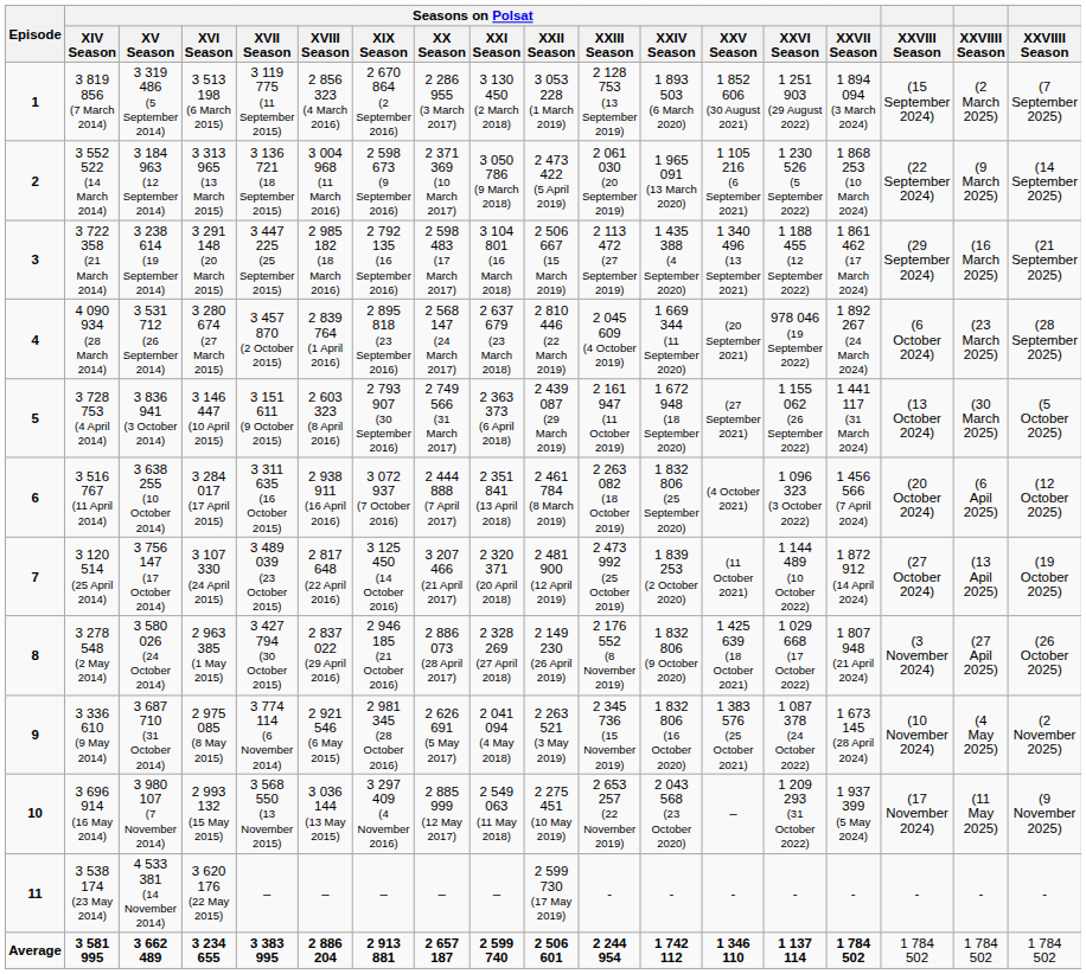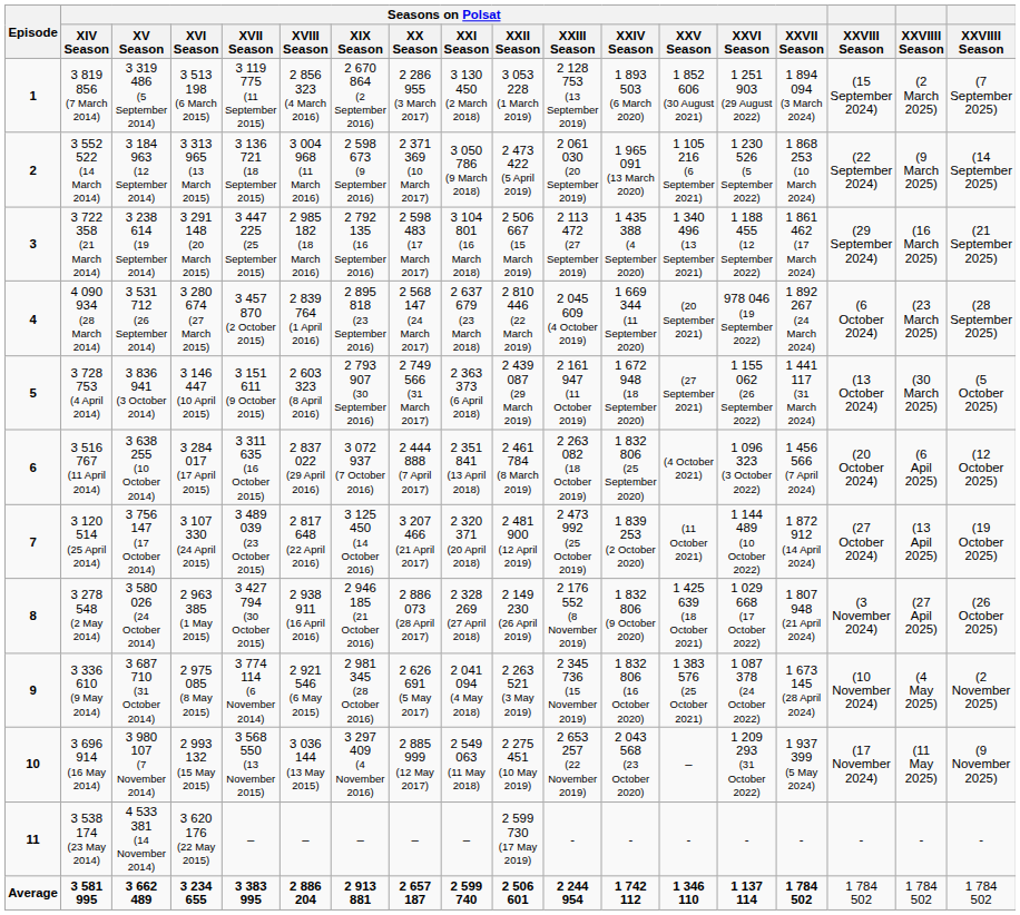 <table class="wikitable" style="font-size:70%; text-align:center">
 <tr>
 <th rowspan="2">Episode</th>
 <th colspan="14">Seasons on <a href='#'>Polsat</a></th>
 <th></th>
 <th></th>
 <th></th>
 </tr>
 <tr>
 <th>XIV Season</th>
 <th>XV Season</th>
 <th>XVI Season</th>
 <th>XVII Season</th>
 <th>XVIII Season</th>
 <th>XIX Season</th>
 <th>XX Season</th>
 <th>XXI Season</th>
 <th>XXII Season</th>
 <th>XXIII Season</th>
 <th>XXIV Season</th>
 <th>XXV Season</th>
 <th>XXVI Season</th>
 <th>XXVII Season</th>
 <th>XXVIII<br>Season</th>
 <th>XXVIIII<br>Season</th>
 <th>XXVIIII<br>Season</th>
 </tr>
 <tr>
 <td><strong>1</strong></td>
 <td>3 819 856<br><small>(7 March 2014)</small></td>
 <td>3 319 486<br><small>(5 September 2014)</small></td>
 <td>3 513 198<br><small>(6 March 2015)</small></td>
 <td>3 119 775<br><small>(11 September 2015)</small></td>
 <td>2 856 323<br><small>(4 March 2016)</small></td>
 <td>2 670 864<br><small>(2 September 2016)</small></td>
 <td>2 286 955<br><small>(3 March 2017)</small></td>
 <td>3 130 450<br><small>(2 March 2018)</small></td>
 <td>3 053 228<br><small>(1 March 2019)</small></td>
 <td>2 128 753<br><small>(13 September 2019)</small></td>
 <td>1 893 503<br><small>(6 March 2020)</small></td>
 <td>1 852 606<br> <small>(30 August 2021)</small></td>
 <td>1 251 903<br> <small>(29 August 2022)</small></td>
 <td>1 894 094<br><small>(3 March 2024)</small></td>
 <td>(15<br>September 2024)</td>
 <td>(2<br>March  2025)</td>
 <td>(7<br>September 2025)</td>
 </tr>
 <tr>
 <td><strong>2</strong></td>
 <td>3 552 522<br><small>(14 March 2014)</small></td>
 <td>3 184 963<br><small>(12 September 2014)</small></td>
 <td>3 313 965<br><small>(13 March 2015)</small></td>
 <td>3 136 721<br><small>(18 September 2015)</small></td>
 <td>3 004 968<br><small>(11 March 2016)</small></td>
 <td>2 598 673<br><small>(9 September 2016)</small></td>
 <td>2 371 369<br><small>(10 March 2017)</small></td>
 <td>3 050 786<br><small>(9 March 2018)</small></td>
 <td>2 473 422<br><small>(5 April 2019)</small></td>
 <td>2 061 030<br><small>(20 September 2019)</small></td>
 <td>1 965 091<br><small>(13 March 2020)</small></td>
 <td>1 105 216<br> <small>(6 September 2021)</small></td>
 <td>1 230 526<br> <small>(5 September 2022)</small></td>
 <td>1 868 253<br> <small>(10  March 2024)</small></td>
 <td>(22<br>September  2024)</td>
 <td>(9<br>March  2025)</td>
 <td>(14<br>September 2025)</td>
 </tr>
 <tr>
 <td><strong>3</strong></td>
 <td>3 722 358<br><small>(21 March 2014)</small></td>
 <td>3 238 614<br><small>(19 September 2014)</small></td>
 <td>3 291 148<br><small>(20 March 2015)</small></td>
 <td>3 447 225<br><small>(25 September 2015)</small></td>
 <td>2 985 182<br><small>(18 March 2016)</small></td>
 <td>2 792 135<br><small>(16 September 2016)</small></td>
 <td>2 598 483<br><small>(17 March 2017)</small></td>
 <td>3 104 801<br><small>(16 March 2018)</small></td>
 <td>2 506 667<br><small>(15 March 2019)</small></td>
 <td>2 113 472<br><small>(27 September 2019)</small></td>
 <td>1 435 388<br><small>(4 September 2020)</small></td>
 <td>1 340 496<br><small>(13 September 2021)</small></td>
 <td>1 188 455<br> <small>(12 September 2022)</small></td>
 <td>1 861 462<br> <small>(17 March 2024)</small></td>
 <td>(29<br>September  2024)</td>
 <td>(16<br>March  2025)</td>
 <td>(21<br>September 2025)</td>
 </tr>
 <tr>
 <td><strong>4</strong></td>
 <td>4 090 934<br><small>(28 March 2014)</small></td>
 <td>3 531 712<br><small>(26 September 2014)</small></td>
 <td>3 280 674<br><small>(27 March 2015)</small></td>
 <td>3 457 870<br><small>(2 October 2015)</small></td>
 <td>2 839 764<br><small>(1 April 2016)</small></td>
 <td>2 895 818<br><small>(23 September 2016)</small></td>
 <td>2 568 147<br><small>(24 March 2017)</small></td>
 <td>2 637 679<br><small>(23 March 2018)</small></td>
 <td>2 810 446<br><small>(22 March 2019)</small></td>
 <td>2 045 609<br><small>(4 October 2019)</small></td>
 <td>1 669 344<br><small>(11 September 2020)</small></td>
 <td><small>(20 September 2021)</small></td>
 <td>978 046<br><small>(19 September 2022)</small></td>
 <td>1 892 267<br><small>(24 March 2024)</small></td>
 <td>(6<br>October  2024)</td>
 <td>(23<br>March  2025)</td>
 <td>(28<br>September 2025)</td>
 </tr>
 <tr>
 <td><strong>5</strong></td>
 <td>3 728 753<br><small>(4 April 2014)</small></td>
 <td>3 836 941<br><small>(3 October 2014)</small></td>
 <td>3 146 447<br><small>(10 April 2015)</small></td>
 <td>3 151 611<br><small>(9 October 2015)</small></td>
 <td>2 603 323<br><small>(8 April 2016)</small></td>
 <td>2 793 907<br><small>(30 September 2016)</small></td>
 <td>2 749 566<br><small>(31 March 2017)</small></td>
 <td>2 363 373<br><small>(6 April 2018)</small></td>
 <td>2 439 087<br><small>(29 March 2019)</small></td>
 <td>2 161 947<br><small>(11 October 2019)</small></td>
 <td>1 672 948<br><small>(18 September 2020)</small></td>
 <td><small>(27 September 2021)</small></td>
 <td>1 155 062<br><small>(26 September 2022)</small></td>
 <td>1 441 117<br><small>(31 March 2024)</small></td>
 <td>(13<br>October  2024)</td>
 <td>(30<br>March  2025)</td>
 <td>(5<br>October  2025)</td>
 </tr>
 <tr>
 <td><strong>6</strong></td>
 <td>3 516 767<br><small>(11 April 2014)</small></td>
 <td>3 638 255<br><small>(10 October 2014)</small></td>
 <td>3 284 017<br><small>(17 April 2015)</small></td>
 <td>3 311 635<br><small>(16 October 2015)</small></td>
-<td>2 938 911<br><small>(16 April 2016)</small></td>
+<td>2 837 022<br><small>(29 April 2016)</small></td>
 <td>3 072 937<br><small>(7 October 2016)</small></td>
 <td>2 444 888<br><small>(7 April 2017)</small></td>
 <td>2 351 841<br><small>(13 April 2018)</small></td>
 <td>2 461 784<br><small>(8 March 2019)</small></td>
 <td>2 263 082<br><small>(18 October 2019)</small></td>
 <td>1 832 806<br><small>(25 September 2020)</small></td>
 <td><small>(4 October 2021)</small></td>
 <td>1 096 323<br><small>(3 October 2022)</small></td>
 <td>1 456 566<br><small>(7 April 2024)</small></td>
 <td>(20<br>October  2024)</td>
 <td>(6<br>Apil  2025)</td>
 <td>(12<br>October  2025)</td>
 </tr>
 <tr>
 <td><strong>7</strong></td>
 <td>3 120 514<br><small>(25 April 2014)</small></td>
 <td>3 756 147<br><small>(17 October 2014)</small></td>
 <td>3 107 330<br><small>(24 April 2015)</small></td>
 <td>3 489 039<br><small>(23 October 2015)</small></td>
 <td>2 817 648<br><small>(22 April 2016)</small></td>
 <td>3 125 450<br><small>(14 October 2016)</small></td>
 <td>3 207 466<br><small>(21 April 2017)</small></td>
 <td>2 320 371<br><small>(20 April 2018)</small></td>
 <td>2 481 900<br><small>(12 April 2019)</small></td>
 <td>2 473 992<br><small>(25 October 2019)</small></td>
 <td>1 839 253<br><small>(2 October 2020)</small></td>
 <td><small>(11 October 2021)</small></td>
 <td>1 144 489<br><small>(10 October 2022)</small></td>
 <td>1 872 912<br><small>(14 April 2024)</small></td>
 <td>(27<br>October  2024)</td>
 <td>(13<br>Apil  2025)</td>
 <td>(19<br>October  2025)</td>
 </tr>
 <tr>
 <td><strong>8</strong></td>
 <td>3 278 548<br><small>(2 May 2014)</small></td>
 <td>3 580 026<br><small>(24 October 2014)</small></td>
 <td>2 963 385<br><small>(1 May 2015)</small></td>
 <td>3 427 794<br><small>(30 October 2015)</small></td>
-<td>2 837 022<br><small>(29 April 2016)</small></td>
+<td>2 938 911<br><small>(16 April 2016)</small></td>
 <td>2 946 185<br><small>(21 October 2016)</small></td>
 <td>2 886 073<br><small>(28 April 2017)</small></td>
 <td>2 328 269<br><small>(27 April 2018)</small></td>
 <td>2 149 230<br><small>(26 April 2019)</small></td>
 <td>2 176 552<br><small>(8 November 2019)</small></td>
 <td>1 832 806<br><small>(9 October 2020)</small></td>
 <td>1 425 639<br><small>(18 October 2021)</small></td>
 <td>1 029 668<br><small>(17 October 2022)</small></td>
 <td>1 807 948<br><small>(21 April 2024)</small></td>
 <td>(3<br>November 2024)</td>
 <td>(27<br>Apil  2025)</td>
 <td>(26<br>October  2025)</td>
 </tr>
 <tr>
 <td><strong>9</strong></td>
 <td>3 336 610<br><small>(9 May 2014)</small></td>
 <td>3 687 710<br><small>(31 October 2014)</small></td>
 <td>2 975 085<br><small>(8 May 2015)</small></td>
 <td>3 774 114<br><small>(6 November 2014)</small></td>
 <td>2 921 546<br><small>(6 May 2015)</small></td>
 <td>2 981 345<br><small>(28 October 2016)</small></td>
 <td>2 626 691<br><small>(5 May 2017)</small></td>
 <td>2 041 094<br><small>(4 May 2018)</small></td>
 <td>2 263 521<br><small>(3 May 2019)</small></td>
 <td>2 345 736<br><small>(15 November 2019)</small></td>
 <td>1 832 806<br><small>(16 October 2020)</small></td>
 <td>1 383 576<br><small>(25 October 2021)</small></td>
 <td>1 087 378<br><small>(24 October 2022)</small></td>
 <td>1 673 145<br><small>(28 April 2024)</small></td>
 <td>(10<br>November  2024)</td>
 <td>(4<br>May  2025)</td>
 <td>(2<br>November  2025)</td>
 </tr>
 <tr>
 <td><strong>10</strong></td>
 <td>3 696 914<br><small>(16 May 2014)</small></td>
 <td>3 980 107<br><small>(7 November 2014)</small></td>
 <td>2 993 132<br><small>(15 May 2015)</small></td>
 <td>3 568 550<br><small>(13 November 2015)</small></td>
 <td>3 036 144<br><small>(13 May 2015)</small></td>
 <td>3 297 409<br><small>(4 November 2016)</small></td>
 <td>2 885 999<br><small>(12 May 2017)</small></td>
 <td>2 549 063<br><small>(11 May 2018)</small></td>
 <td>2 275 451<br><small>(10 May 2019)</small></td>
 <td>2 653 257<br><small>(22 November 2019)</small></td>
 <td>2 043 568<br><small>(23 October 2020)</small></td>
 <td>–</td>
 <td>1 209 293<br><small>(31 October 2022)</small></td>
 <td>1 937 399<br><small>(5 May 2024)</small></td>
 <td>(17<br>November  2024)</td>
 <td>(11<br>May  2025)</td>
 <td>(9<br>November  2025)</td>
 </tr>
 <tr>
 <td><strong>11</strong></td>
 <td>3 538 174<br><small>(23 May 2014)</small></td>
 <td>4 533 381<br><small>(14 November 2014)</small></td>
 <td>3 620 176<br><small>(22 May 2015)</small></td>
 <td>–</td>
 <td>–</td>
 <td>–</td>
 <td>–</td>
 <td>–</td>
 <td>2 599 730<br><small>(17 May 2019)</small></td>
 <td>-</td>
 <td>-</td>
 <td>-</td>
 <td>-</td>
 <td>-</td>
 <td>-</td>
 <td>-</td>
 <td>-</td>
 </tr>
 <tr>
 <td><strong>Average</strong></td>
 <td><strong>3 581 995</strong></td>
 <td><strong>3 662 489</strong></td>
 <td><strong>3 234 655</strong></td>
 <td><strong>3 383 995</strong></td>
 <td><strong>2 886 204</strong></td>
 <td><strong>2 913 881</strong></td>
 <td><strong>2 657 187</strong></td>
 <td><strong>2 599 740</strong></td>
 <td><strong>2 506 601</strong></td>
 <td><strong>2 244 954</strong></td>
 <td><strong>1 742 112</strong></td>
 <td><strong>1 346 110</strong></td>
 <td><strong>1 137 114</strong></td>
 <td><strong>1 784 502</strong></td>
 <td>1 784<br>502</td>
 <td>1 784<br>502</td>
 <td>1 784<br>502</td>
 </tr>
 </table>
